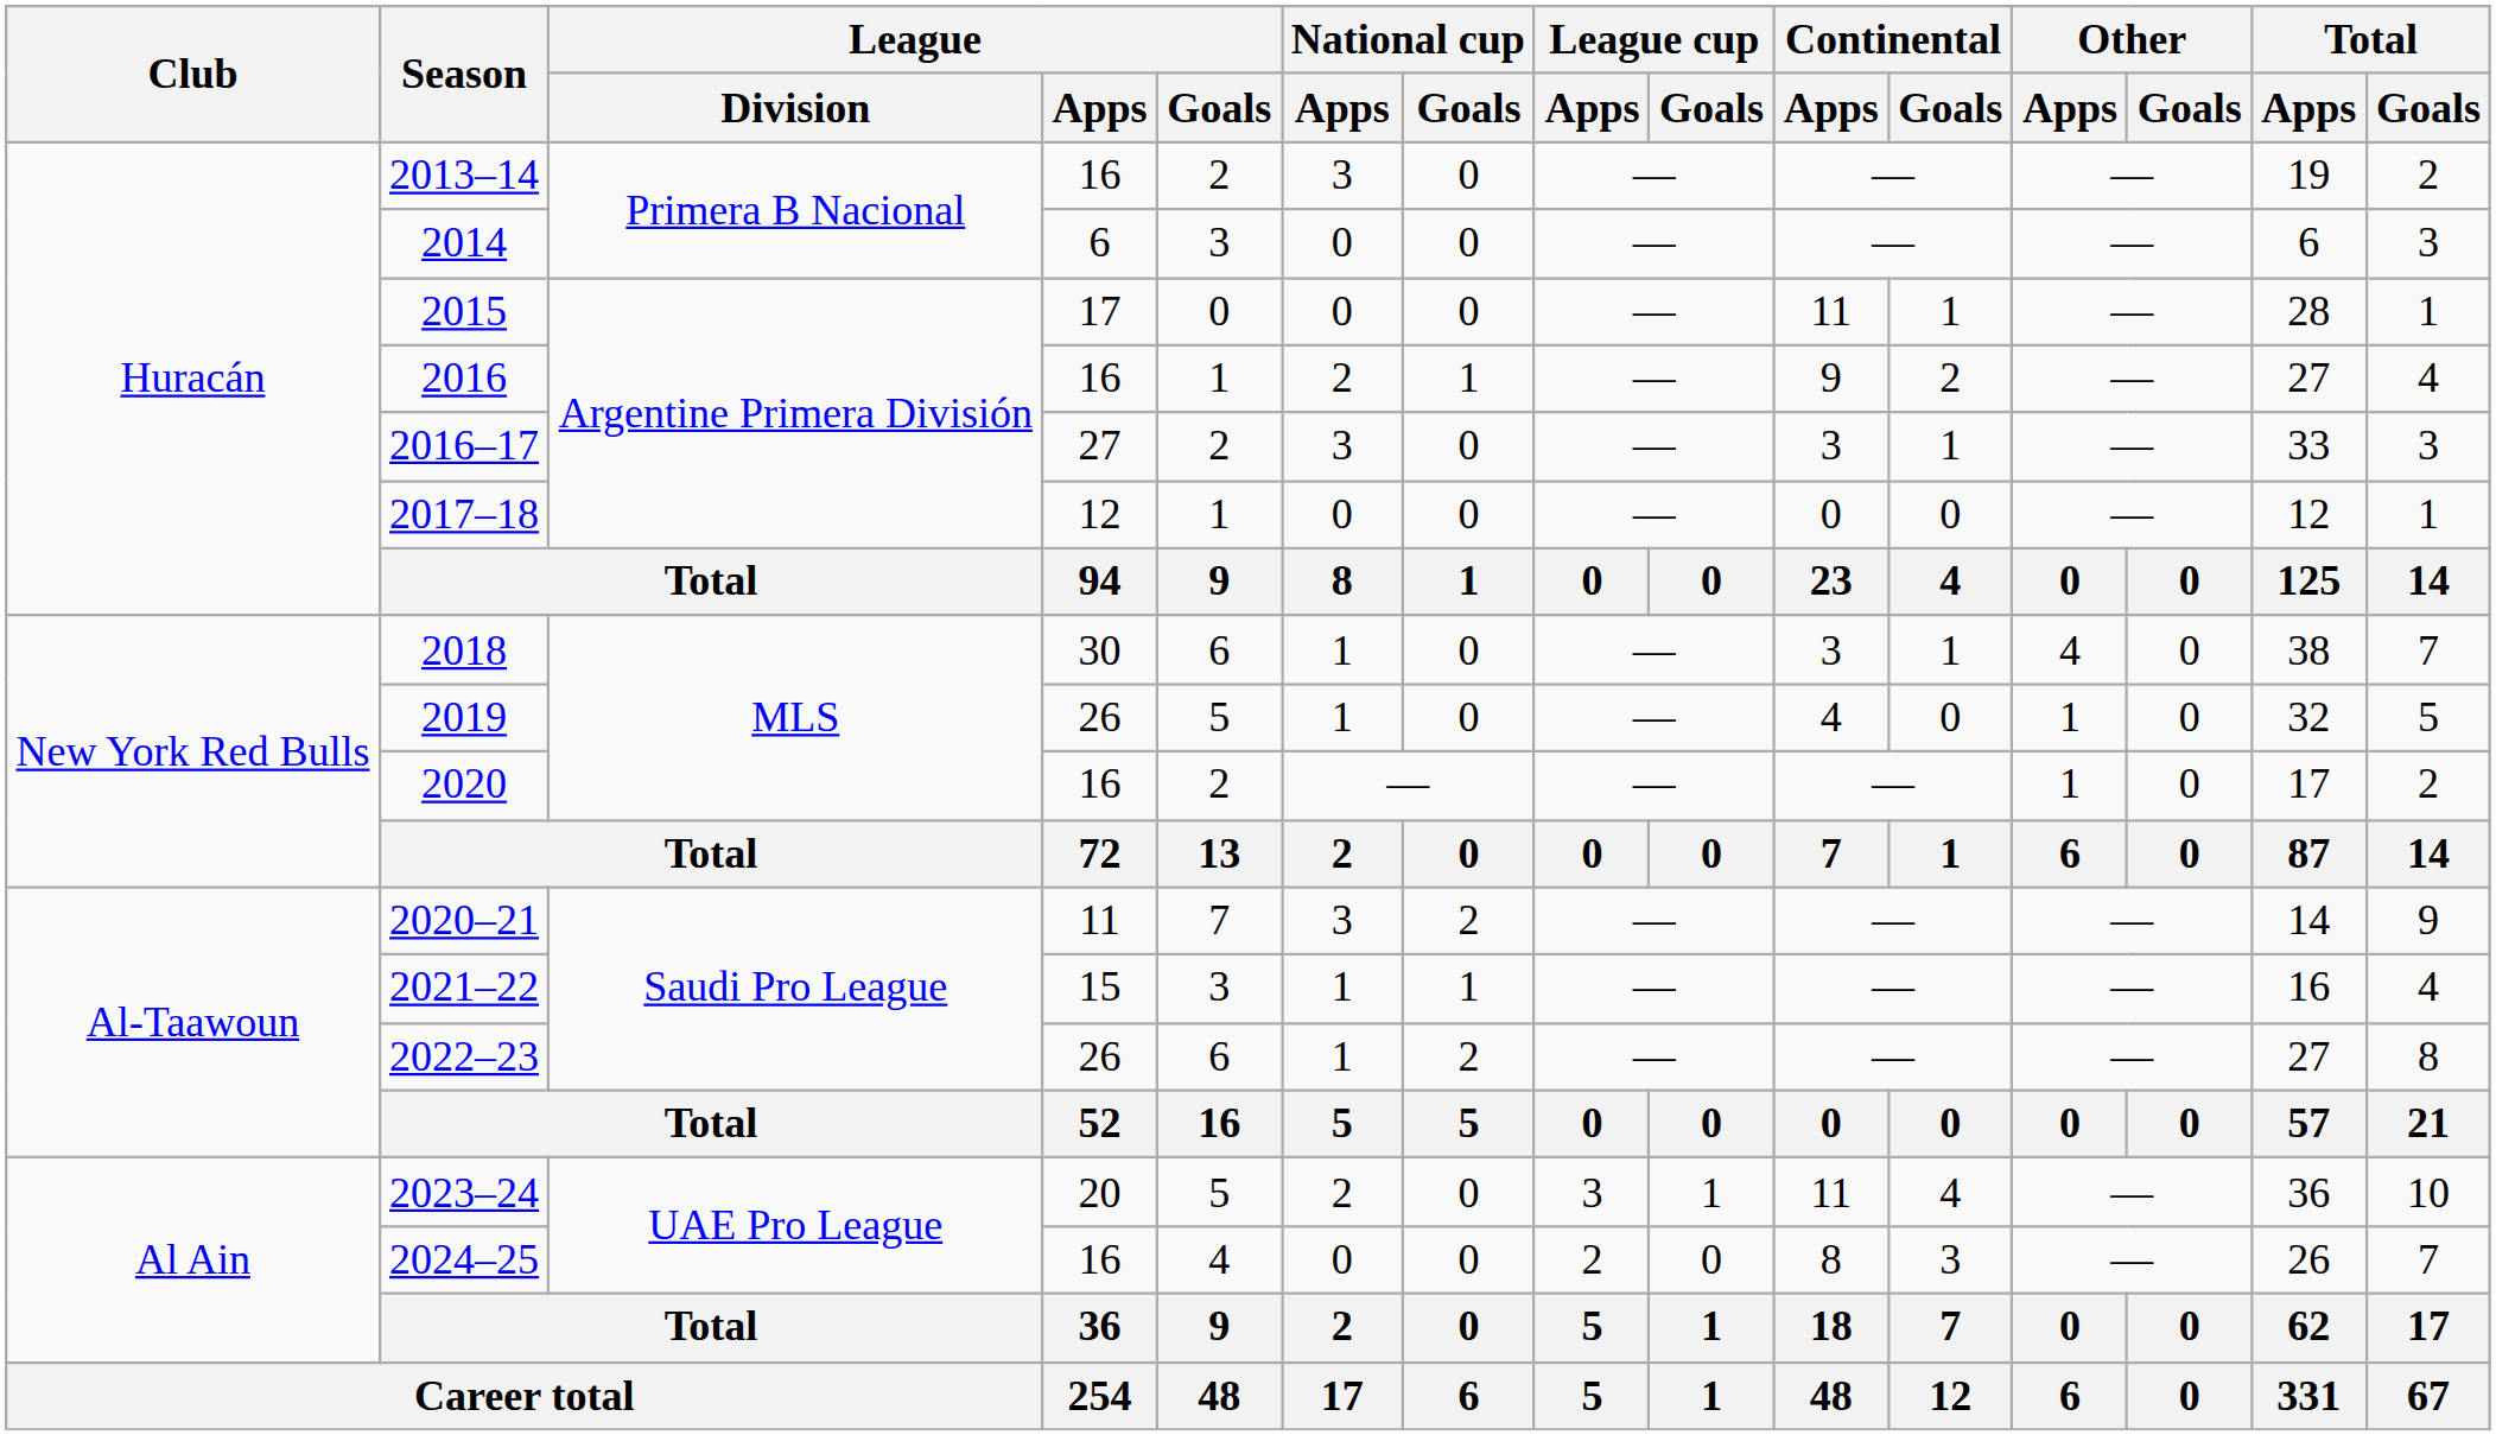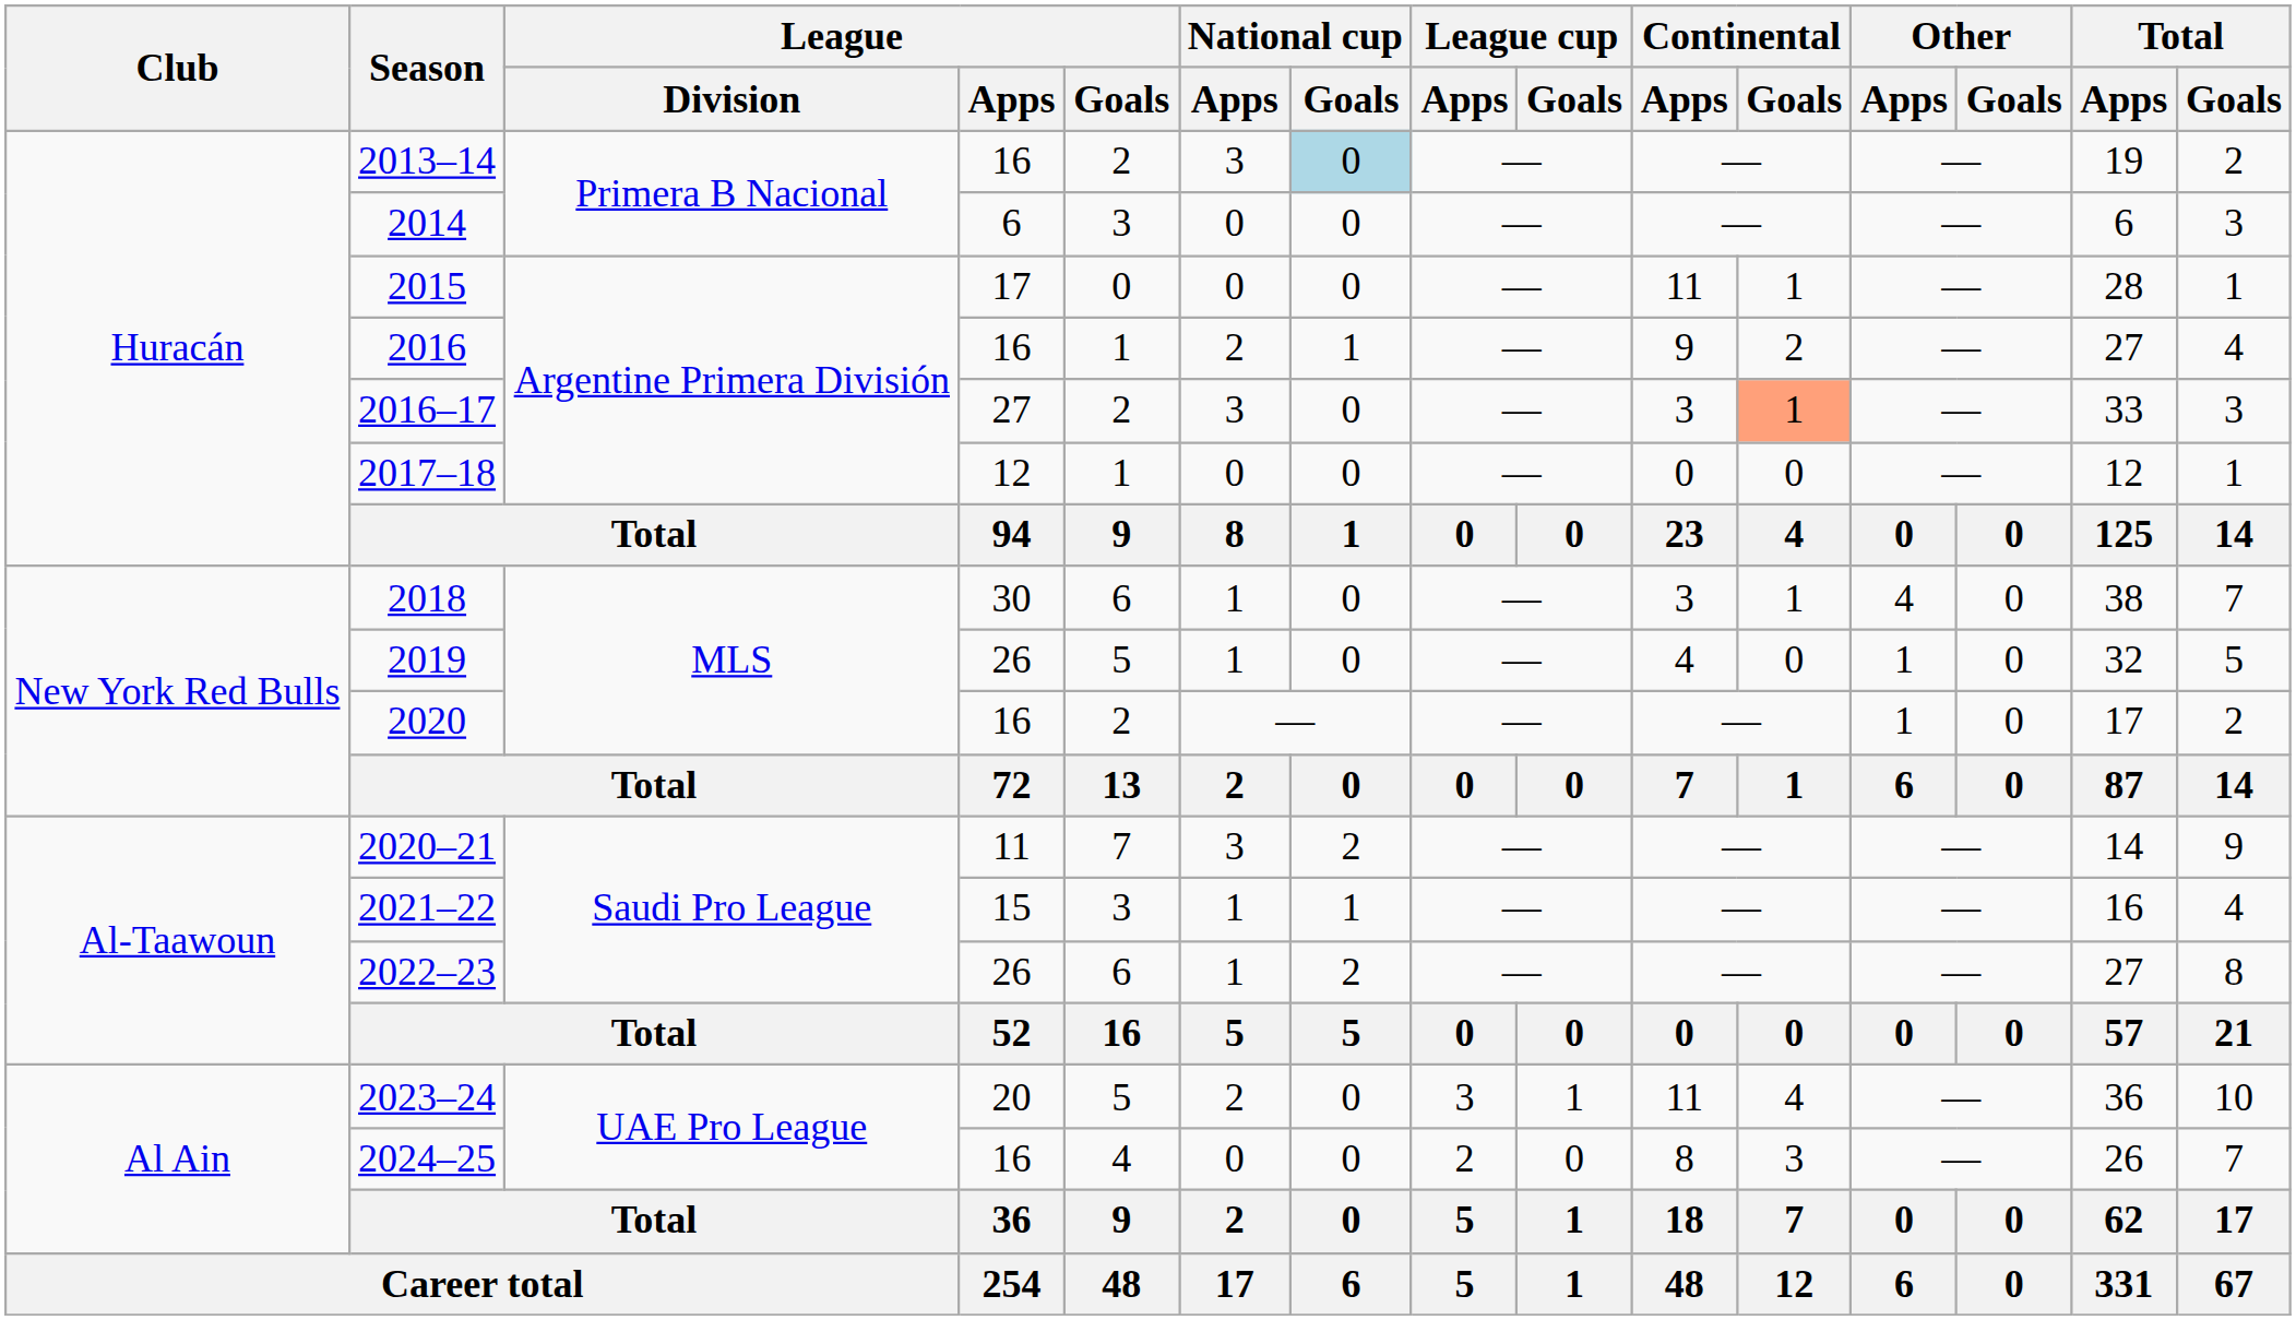 <table class="wikitable" style="text-align:center">
 <tr>
 <th rowspan="2">Club</th>
 <th rowspan="2">Season</th>
 <th colspan="3">League</th>
 <th colspan="2">National cup</th>
 <th colspan="2">League cup</th>
 <th colspan="2">Continental</th>
 <th colspan="2">Other</th>
 <th colspan="2">Total</th>
 </tr>
 <tr>
 <th>Division</th>
 <th>Apps</th>
 <th>Goals</th>
 <th>Apps</th>
 <th>Goals</th>
 <th>Apps</th>
 <th>Goals</th>
 <th>Apps</th>
 <th>Goals</th>
 <th>Apps</th>
 <th>Goals</th>
 <th>Apps</th>
 <th>Goals</th>
 </tr>
 <tr>
 <td rowspan="7"><a href='#'>Huracán</a></td>
 <td><a href='#'>2013–14</a></td>
 <td rowspan="2"><a href='#'>Primera B Nacional</a></td>
 <td>16</td>
 <td>2</td>
 <td>3</td>
-<td>0</td>
+<td style="background: lightblue;">0</td>
 <td colspan="2">—</td>
 <td colspan="2">—</td>
 <td colspan="2">—</td>
 <td>19</td>
 <td>2</td>
 </tr>
 <tr>
 <td><a href='#'>2014</a></td>
 <td>6</td>
 <td>3</td>
 <td>0</td>
 <td>0</td>
 <td colspan="2">—</td>
 <td colspan="2">—</td>
 <td colspan="2">—</td>
 <td>6</td>
 <td>3</td>
 </tr>
 <tr>
 <td><a href='#'>2015</a></td>
 <td rowspan="4"><a href='#'>Argentine Primera División</a></td>
 <td>17</td>
 <td>0</td>
 <td>0</td>
 <td>0</td>
 <td colspan="2">—</td>
 <td>11</td>
 <td>1</td>
 <td colspan="2">—</td>
 <td>28</td>
 <td>1</td>
 </tr>
 <tr>
 <td><a href='#'>2016</a></td>
 <td>16</td>
 <td>1</td>
 <td>2</td>
 <td>1</td>
 <td colspan="2">—</td>
 <td>9</td>
 <td>2</td>
 <td colspan="2">—</td>
 <td>27</td>
 <td>4</td>
 </tr>
 <tr>
 <td><a href='#'>2016–17</a></td>
 <td>27</td>
 <td>2</td>
 <td>3</td>
 <td>0</td>
 <td colspan="2">—</td>
 <td>3</td>
-<td>1</td>
+<td style="background: lightsalmon;">1</td>
 <td colspan="2">—</td>
 <td>33</td>
 <td>3</td>
 </tr>
 <tr>
 <td><a href='#'>2017–18</a></td>
 <td>12</td>
 <td>1</td>
 <td>0</td>
 <td>0</td>
 <td colspan="2">—</td>
 <td>0</td>
 <td>0</td>
 <td colspan="2">—</td>
 <td>12</td>
 <td>1</td>
 </tr>
 <tr>
 <th colspan="2">Total</th>
 <th>94</th>
 <th>9</th>
 <th>8</th>
 <th>1</th>
 <th>0</th>
 <th>0</th>
 <th>23</th>
 <th>4</th>
 <th>0</th>
 <th>0</th>
 <th>125</th>
 <th>14</th>
 </tr>
 <tr>
 <td rowspan="4"><a href='#'>New York Red Bulls</a></td>
 <td><a href='#'>2018</a></td>
 <td rowspan="3"><a href='#'>MLS</a></td>
 <td>30</td>
 <td>6</td>
 <td>1</td>
 <td>0</td>
 <td colspan="2">—</td>
 <td>3</td>
 <td>1</td>
 <td>4</td>
 <td>0</td>
 <td>38</td>
 <td>7</td>
 </tr>
 <tr>
 <td><a href='#'>2019</a></td>
 <td>26</td>
 <td>5</td>
 <td>1</td>
 <td>0</td>
 <td colspan="2">—</td>
 <td>4</td>
 <td>0</td>
 <td>1</td>
 <td>0</td>
 <td>32</td>
 <td>5</td>
 </tr>
 <tr>
 <td><a href='#'>2020</a></td>
 <td>16</td>
 <td>2</td>
 <td colspan="2">—</td>
 <td colspan="2">—</td>
 <td colspan="2">—</td>
 <td>1</td>
 <td>0</td>
 <td>17</td>
 <td>2</td>
 </tr>
 <tr>
 <th colspan="2">Total</th>
 <th>72</th>
 <th>13</th>
 <th>2</th>
 <th>0</th>
 <th>0</th>
 <th>0</th>
 <th>7</th>
 <th>1</th>
 <th>6</th>
 <th>0</th>
 <th>87</th>
 <th>14</th>
 </tr>
 <tr>
 <td rowspan="4"><a href='#'>Al-Taawoun</a></td>
 <td><a href='#'>2020–21</a></td>
 <td rowspan="3"><a href='#'>Saudi Pro League</a></td>
 <td>11</td>
 <td>7</td>
 <td>3</td>
 <td>2</td>
 <td colspan="2">—</td>
 <td colspan="2">—</td>
 <td colspan="2">—</td>
 <td>14</td>
 <td>9</td>
 </tr>
 <tr>
 <td><a href='#'>2021–22</a></td>
 <td>15</td>
 <td>3</td>
 <td>1</td>
 <td>1</td>
 <td colspan="2">—</td>
 <td colspan="2">—</td>
 <td colspan="2">—</td>
 <td>16</td>
 <td>4</td>
 </tr>
 <tr>
 <td><a href='#'>2022–23</a></td>
 <td>26</td>
 <td>6</td>
 <td>1</td>
 <td>2</td>
 <td colspan="2">—</td>
 <td colspan="2">—</td>
 <td colspan="2">—</td>
 <td>27</td>
 <td>8</td>
 </tr>
 <tr>
 <th colspan="2">Total</th>
 <th>52</th>
 <th>16</th>
 <th>5</th>
 <th>5</th>
 <th>0</th>
 <th>0</th>
 <th>0</th>
 <th>0</th>
 <th>0</th>
 <th>0</th>
 <th>57</th>
 <th>21</th>
 </tr>
 <tr>
 <td rowspan="3"><a href='#'>Al Ain</a></td>
 <td><a href='#'>2023–24</a></td>
 <td rowspan="2"><a href='#'>UAE Pro League</a></td>
 <td>20</td>
 <td>5</td>
 <td>2</td>
 <td>0</td>
 <td>3</td>
 <td>1</td>
 <td>11</td>
 <td>4</td>
 <td colspan="2">—</td>
 <td>36</td>
 <td>10</td>
 </tr>
 <tr>
 <td><a href='#'>2024–25</a></td>
 <td>16</td>
 <td>4</td>
 <td>0</td>
 <td>0</td>
 <td>2</td>
 <td>0</td>
 <td>8</td>
 <td>3</td>
 <td colspan="2">—</td>
 <td>26</td>
 <td>7</td>
 </tr>
 <tr>
 <th colspan="2">Total</th>
 <th>36</th>
 <th>9</th>
 <th>2</th>
 <th>0</th>
 <th>5</th>
 <th>1</th>
 <th>18</th>
 <th>7</th>
 <th>0</th>
 <th>0</th>
 <th>62</th>
 <th>17</th>
 </tr>
 <tr>
 <th colspan="3">Career total</th>
 <th>254</th>
 <th>48</th>
 <th>17</th>
 <th>6</th>
 <th>5</th>
 <th>1</th>
 <th>48</th>
 <th>12</th>
 <th>6</th>
 <th>0</th>
 <th>331</th>
 <th>67</th>
 </tr>
 </table>
